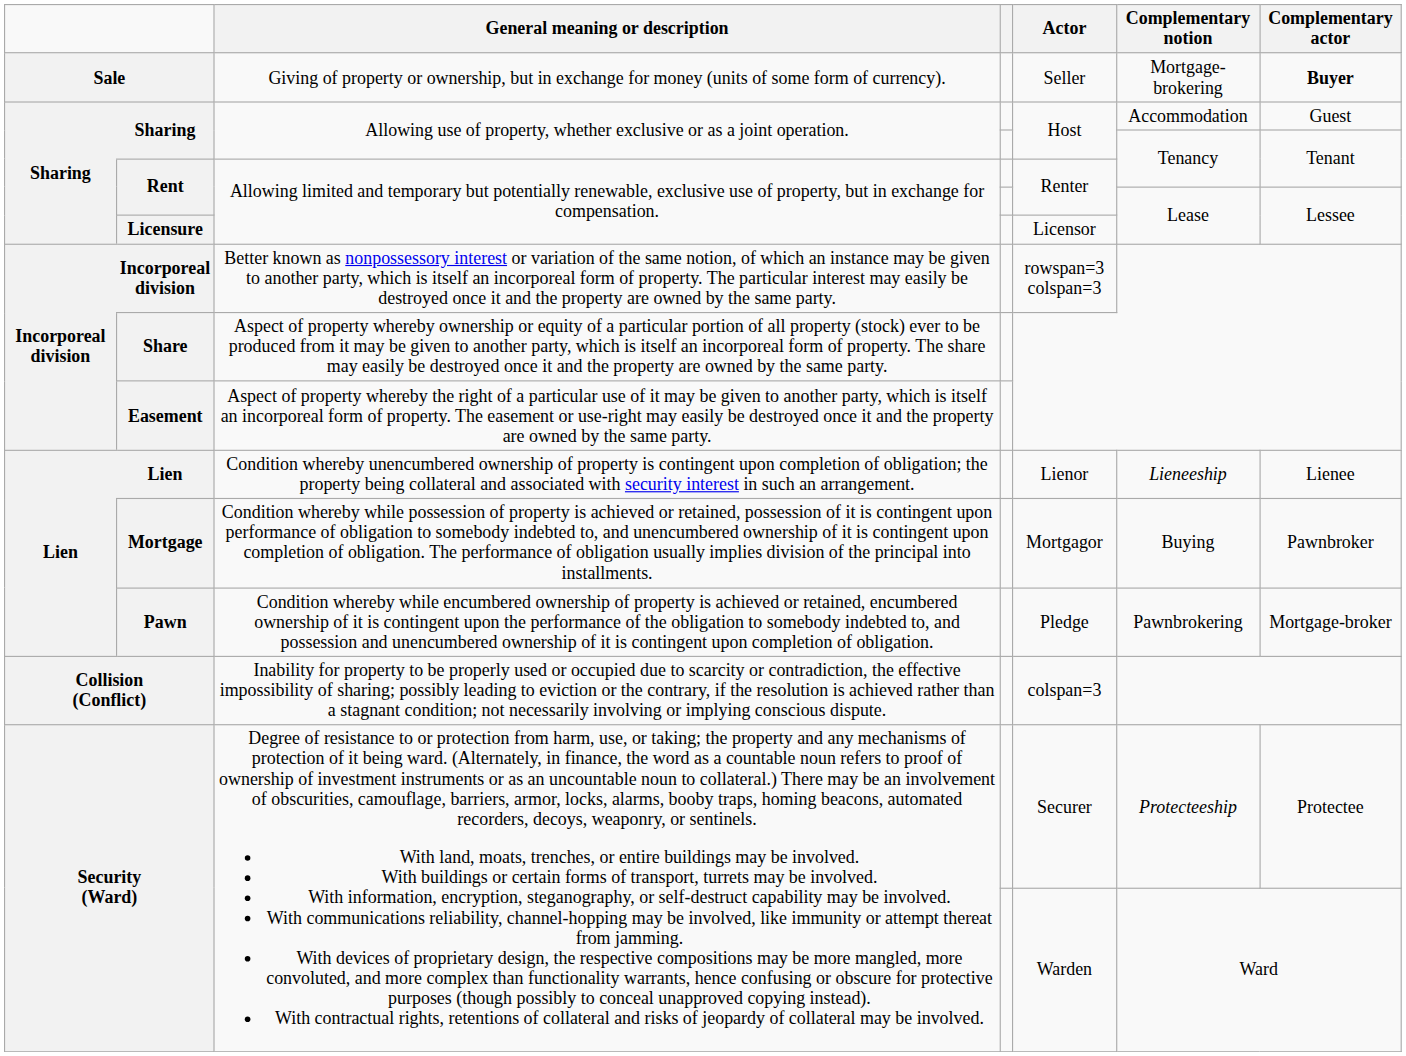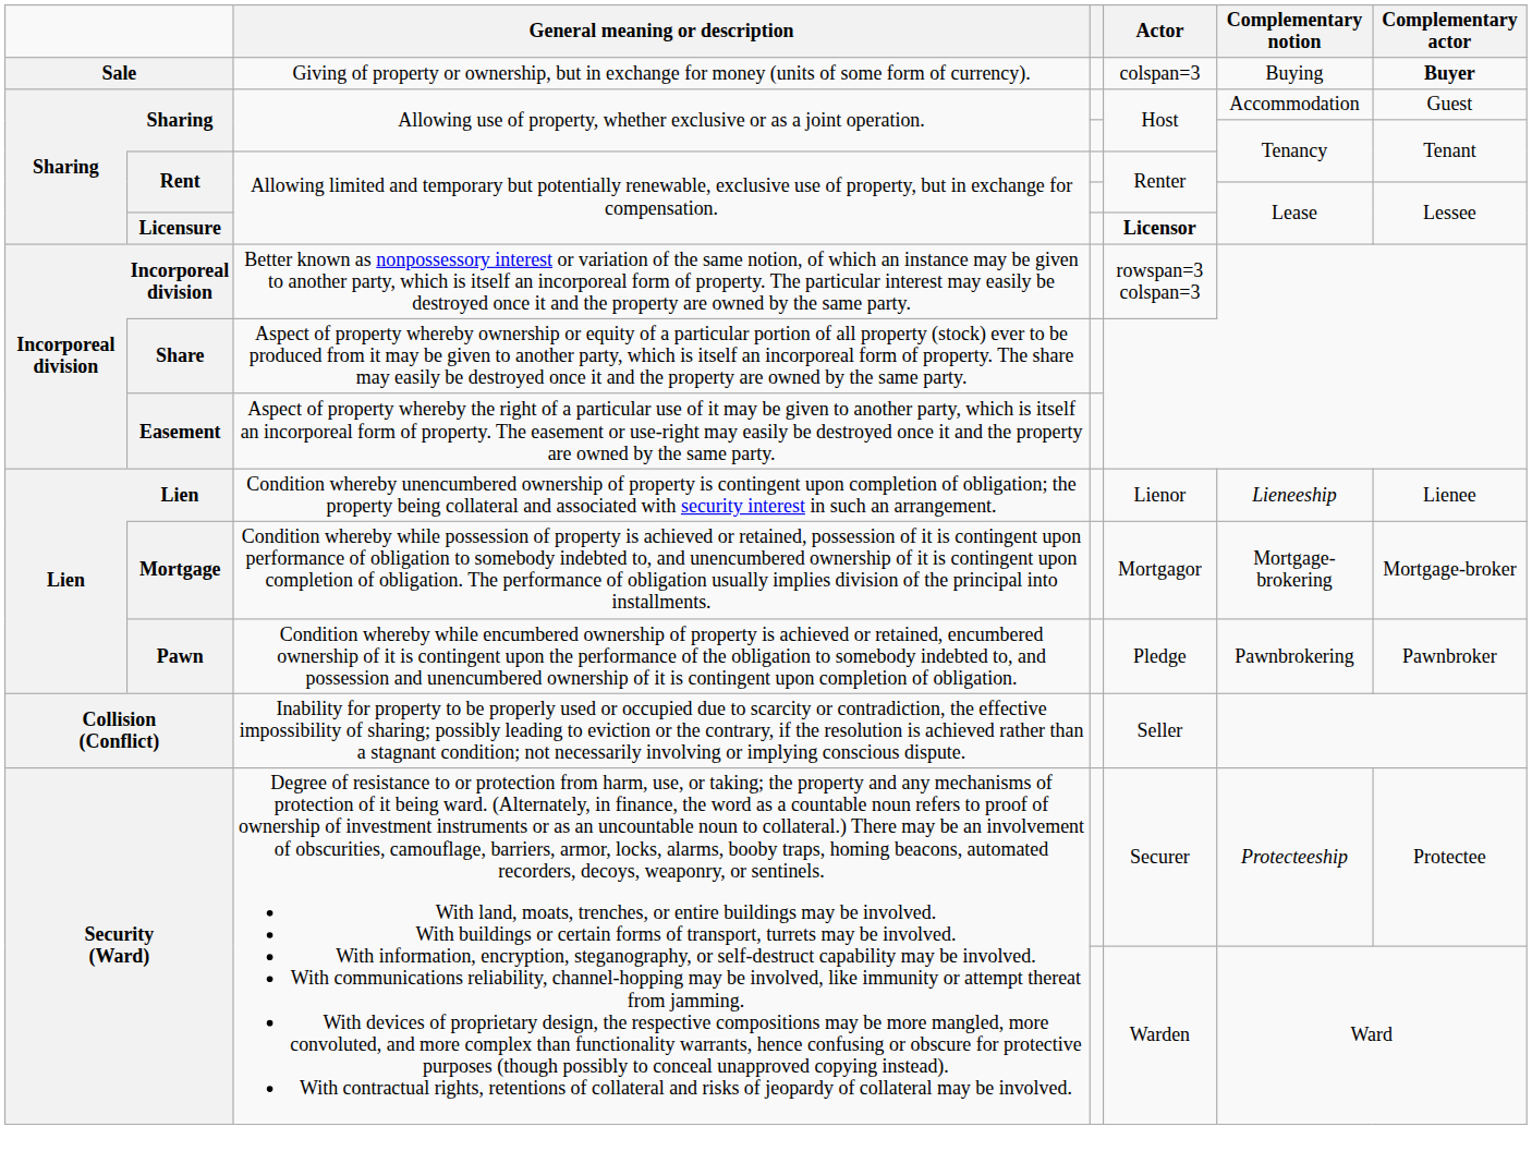 <table class="wikitable" style="text-align: center;">
 <tr>
 <td colspan=2 width=15%></td>
 <th>General meaning or description</th>
 <th></th>
 <th>Actor</th>
 <th>Complementary notion</th>
 <th>Complementary actor</th>
 </tr>
 <tr>
 <th colspan=2>Sale</th>
 <td>Giving of property or ownership, but in exchange for money (units of some form of currency).</td>
 <td></td>
-<td>Seller</td>
-<td><span>Mortgage-brokering</span></td>
+<td>colspan=3 </td>
+<td>Buying</td>
 <td><strong>Buyer</strong></td>
 </tr>
 <tr>
 <th rowspan=5 style="border-right: 0px solid gray;">Sharing</th>
 <th rowspan=2 style="border-left: 0px solid gray;"><span>Sharing</span></th>
 <td rowspan=2>Allowing use of property, whether exclusive or as a joint operation.</td>
 <td></td>
 <td rowspan=2>Host</td>
 <td>Accommodation</td>
 <td>Guest</td>
 </tr>
 <tr>
 <td> </td>
 <td rowspan=2>Tenancy</td>
 <td rowspan=2>Tenant</td>
 </tr>
 <tr>
 <th rowspan=2 width=7%>Rent</th>
 <td rowspan=3>Allowing limited and temporary but potentially renewable, exclusive use of property, but in exchange for compensation.</td>
 <td> </td>
 <td rowspan=2>Renter</td>
 </tr>
 <tr>
 <td> </td>
 <td rowspan=2 holiwis 8a>Lease</td>
 <td rowspan=2>Lessee</td>
 </tr>
 <tr>
 <th>Licensure</th>
 <td></td>
-<td>Licensor</td>
+<td><strong>Licensor</strong></td>
 </tr>
 <tr>
 <th rowspan=3 style="border-right: 0px solid gray;">Incorporeal division</th>
 <th style="border-left: 0px solid gray;"><span>Incorporeal division</span></th>
 <td>Better known as <a href='#'>nonpossessory interest</a> or variation of the same notion, of which an instance may be given to another party, which is itself an incorporeal form of property. The particular interest may easily be destroyed once it and the property are owned by the same party.</td>
 <td></td>
 <td>rowspan=3 colspan=3 </td>
 </tr>
 <tr>
 <th>Share</th>
 <td>Aspect of property whereby ownership or equity of a particular portion of all property (stock) ever to be produced from it may be given to another party, which is itself an incorporeal form of property. The share may easily be destroyed once it and the property are owned by the same party.</td>
 <td></td>
 </tr>
 <tr>
 <th>Easement</th>
 <td>Aspect of property whereby the right of a particular use of it may be given to another party, which is itself an incorporeal form of property. The easement or use-right may easily be destroyed once it and the property are owned by the same party.</td>
 <td></td>
 </tr>
 <tr>
 <th rowspan=3 style="border-right: 0px solid gray;">Lien</th>
 <th style="border-left: 0px solid gray;"><span>Lien</span></th>
 <td>Condition whereby unencumbered ownership of property is contingent upon completion of obligation; the property being collateral and associated with <a href='#'>security interest</a> in such an arrangement.</td>
 <td></td>
 <td>Lienor</td>
 <td><em>Lieneeship</em></td>
 <td>Lienee</td>
 </tr>
 <tr>
 <th>Mortgage</th>
 <td>Condition whereby while possession of property is achieved or retained, possession of it is contingent upon performance of obligation to somebody indebted to, and unencumbered ownership of it is contingent upon completion of obligation. The performance of obligation usually implies division of the principal into installments.</td>
 <td></td>
 <td>Mortgagor</td>
-<td>Buying</td>
-<td>Pawnbroker</td>
+<td><span>Mortgage-brokering</span></td>
+<td><span>Mortgage-broker</span></td>
 </tr>
 <tr>
 <th>Pawn</th>
 <td>Condition whereby while encumbered ownership of property is achieved or retained, encumbered ownership of it is contingent upon the performance of the obligation to somebody indebted to, and possession and unencumbered ownership of it is contingent upon completion of obligation.</td>
 <td></td>
 <td>Pledge</td>
 <td>Pawnbrokering</td>
-<td><span>Mortgage-broker</span></td>
+<td>Pawnbroker</td>
 </tr>
 <tr>
 <th colspan=2>Collision<br>(Conflict)</th>
 <td>Inability for property to be properly used or occupied due to scarcity or contradiction, the effective impossibility of sharing; possibly leading to eviction or the contrary, if the resolution is achieved rather than a stagnant condition; not necessarily involving or implying conscious dispute.</td>
 <td></td>
-<td>colspan=3 </td>
+<td>Seller</td>
 </tr>
 <tr>
 <th rowspan=2 colspan=2>Security<br>(Ward)</th>
 <td rowspan=2>Degree of resistance to or protection from harm, use, or taking; the property and any mechanisms of protection of it being ward. (Alternately, in finance, the word as a countable noun refers to proof of ownership of investment instruments or as an uncountable noun to collateral.) There may be an involvement of obscurities, camouflage, barriers, armor, locks, alarms, booby traps, homing beacons, automated recorders, decoys, weaponry, or sentinels.<br><ul><li>With land, moats, trenches, or entire buildings may be involved.</li><li>With buildings or certain forms of transport, turrets may be involved.</li><li>With information, encryption, steganography, or self-destruct capability may be involved.</li><li>With communications reliability, channel-hopping may be involved, like immunity or attempt thereat from jamming.</li><li>With devices of proprietary design, the respective compositions may be more mangled, more convoluted, and more complex than functionality warrants, hence confusing or obscure for protective purposes (though possibly to conceal unapproved copying instead).</li><li>With contractual rights, retentions of collateral and risks of jeopardy of collateral may be involved.</li></ul></td>
 <td></td>
 <td>Securer</td>
 <td><em>Protecteeship</em></td>
 <td>Protectee</td>
 </tr>
 <tr>
 <td></td>
 <td>Warden</td>
 <td colspan=2>Ward</td>
 </tr>
 </table>
